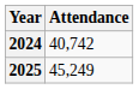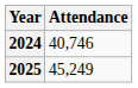 <table class="wikitable">
 <tr>
 <th>Year</th>
 <th>Attendance</th>
 </tr>
 <tr>
 <th>2024</th>
-<td>40,742</td>
+<td>40,746</td>
 </tr>
 <tr>
 <th>2025</th>
 <td> 45,249</td>
 </tr>
 </table>
